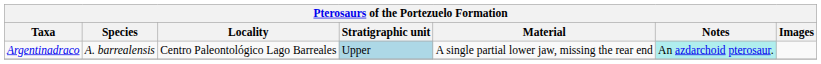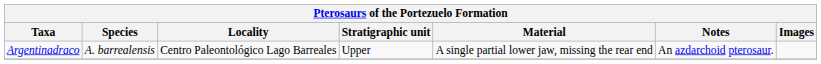 <table class="wikitable">
 <tr>
 <th colspan="7"><a href='#'>Pterosaurs</a> of the Portezuelo Formation</th>
 </tr>
 <tr>
 <th>Taxa</th>
 <th>Species</th>
 <th>Locality</th>
 <th>Stratigraphic unit</th>
 <th>Material</th>
 <th>Notes</th>
 <th>Images</th>
 </tr>
 <tr>
 <td><em><a href='#'>Argentinadraco</a></em></td>
 <td><em>A. barrealensis</em></td>
 <td>Centro Paleontológico Lago Barreales</td>
-<td style="background: lightblue;">Upper</td>
+<td>Upper</td>
 <td>A single partial lower jaw, missing the rear end</td>
-<td style="background: paleturquoise;">An <a href='#'>azdarchoid</a> <a href='#'>pterosaur</a>.</td>
+<td>An <a href='#'>azdarchoid</a> <a href='#'>pterosaur</a>.</td>
 <td></td>
 </tr>
 <tr>
 </tr>
 </table>
